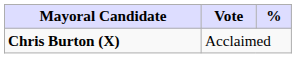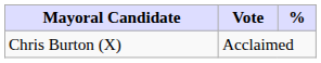 <table class="wikitable">
 <tr>
 <th style="background:#ddf; width:200px;">Mayoral Candidate</th>
 <th style="background:#ddf; width:50px;">Vote</th>
 <th style="background:#ddf; width:30px;">%</th>
 </tr>
 <tr>
-<td><strong>Chris Burton (X)</strong></td>
+<td>Chris Burton (X)</td>
 <td colspan="2">Acclaimed</td>
 </tr>
 </table>
